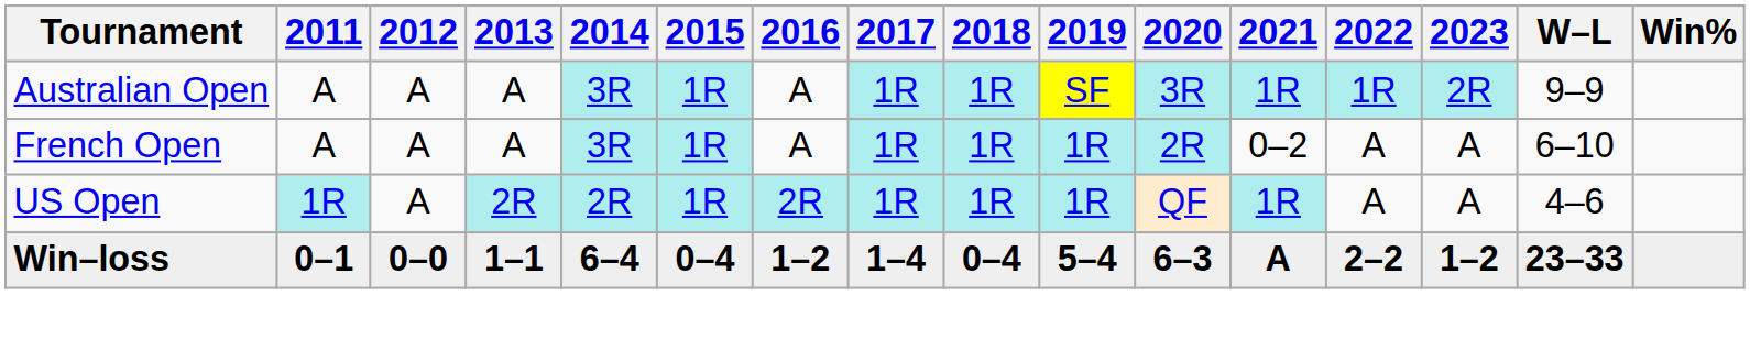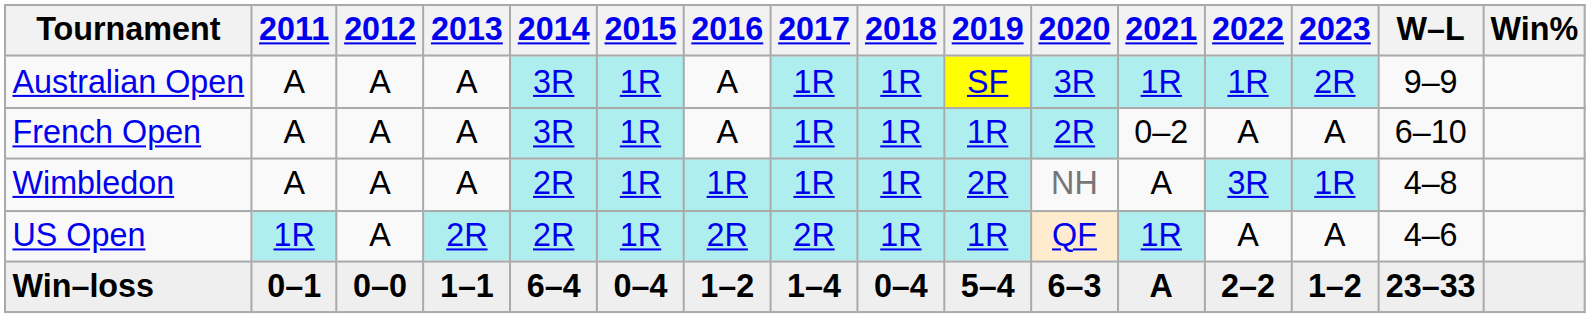 <table class="wikitable" style="text-align:center;">
 <tr>
 <th>Tournament</th>
 <th><a href='#'>2011</a></th>
 <th><a href='#'>2012</a></th>
 <th><a href='#'>2013</a></th>
 <th><a href='#'>2014</a></th>
 <th><a href='#'>2015</a></th>
 <th><a href='#'>2016</a></th>
 <th><a href='#'>2017</a></th>
 <th><a href='#'>2018</a></th>
 <th><a href='#'>2019</a></th>
 <th><a href='#'>2020</a></th>
 <th><a href='#'>2021</a></th>
 <th><a href='#'>2022</a></th>
 <th><a href='#'>2023</a></th>
 <th>W–L</th>
 <th>Win%</th>
 </tr>
 <tr>
 <td align=left><a href='#'>Australian Open</a></td>
 <td>A</td>
 <td>A</td>
 <td>A</td>
 <td bgcolor=afeeee><a href='#'>3R</a></td>
 <td bgcolor=afeeee><a href='#'>1R</a></td>
 <td>A</td>
 <td bgcolor=afeeee><a href='#'>1R</a></td>
 <td bgcolor=afeeee><a href='#'>1R</a></td>
 <td bgcolor=yellow><a href='#'>SF</a></td>
 <td bgcolor=afeeee><a href='#'>3R</a></td>
 <td bgcolor=afeeee><a href='#'>1R</a></td>
 <td bgcolor=afeeee><a href='#'>1R</a></td>
 <td bgcolor=afeeee><a href='#'>2R</a></td>
 <td>9–9</td>
 <td></td>
 </tr>
 <tr>
 <td align=left><a href='#'>French Open</a></td>
 <td>A</td>
 <td>A</td>
 <td>A</td>
 <td bgcolor=afeeee><a href='#'>3R</a></td>
 <td bgcolor=afeeee><a href='#'>1R</a></td>
 <td>A</td>
 <td bgcolor=afeeee><a href='#'>1R</a></td>
 <td bgcolor=afeeee><a href='#'>1R</a></td>
 <td bgcolor=afeeee><a href='#'>1R</a></td>
 <td bgcolor=afeeee><a href='#'>2R</a></td>
 <td>0–2</td>
 <td>A</td>
 <td>A</td>
 <td>6–10</td>
 <td></td>
 </tr>
 <tr>
+<td align=left><a href='#'>Wimbledon</a></td>
+<td>A</td>
+<td>A</td>
+<td>A</td>
+<td bgcolor=afeeee><a href='#'>2R</a></td>
+<td bgcolor=afeeee><a href='#'>1R</a></td>
+<td bgcolor=afeeee><a href='#'>1R</a></td>
+<td bgcolor=afeeee><a href='#'>1R</a></td>
+<td bgcolor=afeeee><a href='#'>1R</a></td>
+<td bgcolor=afeeee><a href='#'>2R</a></td>
+<td style=color:#767676>NH</td>
+<td>A</td>
+<td bgcolor=afeeee><a href='#'>3R</a></td>
+<td bgcolor=afeeee><a href='#'>1R</a></td>
+<td>4–8</td>
+<td></td>
+</tr>
+<tr>
 <td align="left"><a href='#'>US Open</a></td>
 <td bgcolor=afeeee><a href='#'>1R</a></td>
 <td>A</td>
 <td bgcolor=afeeee><a href='#'>2R</a></td>
 <td bgcolor=afeeee><a href='#'>2R</a></td>
 <td bgcolor=afeeee><a href='#'>1R</a></td>
 <td bgcolor=afeeee><a href='#'>2R</a></td>
-<td bgcolor=afeeee><a href='#'>1R</a></td>
+<td bgcolor=afeeee><a href='#'>2R</a></td>
 <td bgcolor=afeeee><a href='#'>1R</a></td>
 <td bgcolor=afeeee><a href='#'>1R</a></td>
 <td bgcolor=ffebcd><a href='#'>QF</a></td>
 <td bgcolor=afeeee><a href='#'>1R</a></td>
 <td>A</td>
 <td>A</td>
 <td>4–6</td>
 <td></td>
 </tr>
 <tr style="background:#efefef;font-weight:bold">
 <td align=left>Win–loss</td>
 <td>0–1</td>
 <td>0–0</td>
 <td>1–1</td>
 <td>6–4</td>
 <td>0–4</td>
 <td>1–2</td>
 <td>1–4</td>
 <td>0–4</td>
 <td>5–4</td>
 <td>6–3</td>
 <td>A</td>
 <td>2–2</td>
 <td>1–2</td>
 <td>23–33</td>
 <td></td>
 </tr>
 </table>
